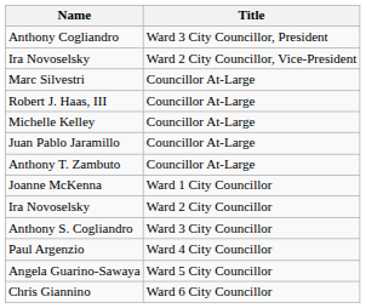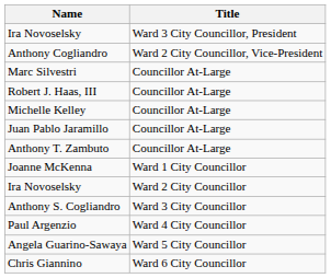 <table class="wikitable">
 <tr>
 <th>Name</th>
 <th>Title</th>
 </tr>
 <tr>
-<td>Anthony Cogliandro</td>
+<td>Ira Novoselsky</td>
 <td>Ward 3 City Councillor, President</td>
 </tr>
 <tr>
-<td>Ira Novoselsky</td>
+<td>Anthony Cogliandro</td>
 <td>Ward 2 City Councillor, Vice-President</td>
 </tr>
 <tr>
 <td>Marc Silvestri</td>
 <td>Councillor At-Large</td>
 </tr>
 <tr>
 <td>Robert J. Haas, III</td>
 <td>Councillor At-Large</td>
 </tr>
 <tr>
 <td>Michelle Kelley</td>
 <td>Councillor At-Large</td>
 </tr>
 <tr>
 <td>Juan Pablo Jaramillo</td>
 <td>Councillor At-Large</td>
 </tr>
 <tr>
 <td>Anthony T. Zambuto</td>
 <td>Councillor At-Large</td>
 </tr>
 <tr>
 <td>Joanne McKenna</td>
 <td>Ward 1 City Councillor</td>
 </tr>
 <tr>
 <td>Ira Novoselsky</td>
 <td>Ward 2 City Councillor</td>
 </tr>
 <tr>
 <td>Anthony S. Cogliandro</td>
 <td>Ward 3 City Councillor</td>
 </tr>
 <tr>
 <td>Paul Argenzio</td>
 <td>Ward 4 City Councillor</td>
 </tr>
 <tr>
 <td>Angela Guarino-Sawaya</td>
 <td>Ward 5 City Councillor</td>
 </tr>
 <tr>
 <td>Chris Giannino</td>
 <td>Ward 6 City Councillor</td>
 </tr>
 </table>
